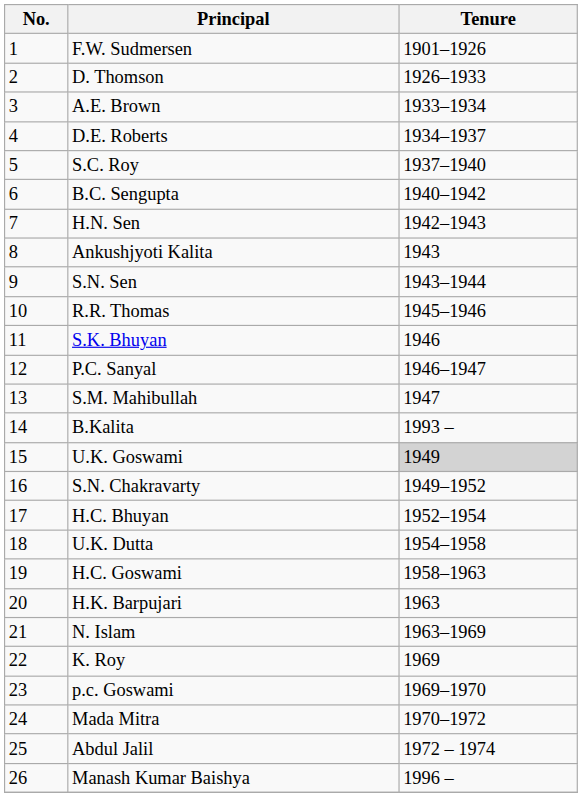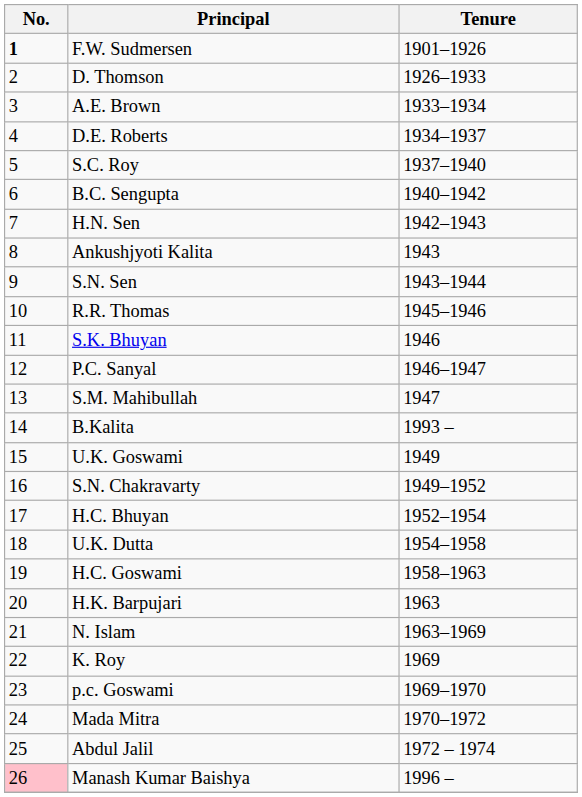 <table class="wikitable" width=80%>
 <tr>
 <th>No.</th>
 <th>Principal</th>
 <th>Tenure</th>
 </tr>
 <tr>
-<td>1</td>
+<td><strong>1</strong></td>
 <td>F.W. Sudmersen</td>
 <td>1901–1926</td>
 </tr>
 <tr>
 <td>2</td>
 <td>D. Thomson</td>
 <td>1926–1933</td>
 </tr>
 <tr>
 <td>3</td>
 <td>A.E. Brown</td>
 <td>1933–1934</td>
 </tr>
 <tr>
 <td>4</td>
 <td>D.E. Roberts</td>
 <td>1934–1937</td>
 </tr>
 <tr>
 <td>5</td>
 <td>S.C. Roy</td>
 <td>1937–1940</td>
 </tr>
 <tr>
 <td>6</td>
 <td>B.C. Sengupta</td>
 <td>1940–1942</td>
 </tr>
 <tr>
 <td>7</td>
 <td>H.N. Sen</td>
 <td>1942–1943</td>
 </tr>
 <tr>
 <td>8</td>
 <td>Ankushjyoti Kalita</td>
 <td>1943</td>
 </tr>
 <tr>
 <td>9</td>
 <td>S.N. Sen</td>
 <td>1943–1944</td>
 </tr>
 <tr>
 <td>10</td>
 <td>R.R. Thomas</td>
 <td>1945–1946</td>
 </tr>
 <tr>
 <td>11</td>
 <td><a href='#'>S.K. Bhuyan</a></td>
 <td>1946</td>
 </tr>
 <tr>
 <td>12</td>
 <td>P.C. Sanyal</td>
 <td>1946–1947</td>
 </tr>
 <tr>
 <td>13</td>
 <td>S.M. Mahibullah</td>
 <td>1947</td>
 </tr>
 <tr>
 <td>14</td>
 <td>B.Kalita</td>
 <td>1993 –</td>
 </tr>
 <tr>
 <td>15</td>
 <td>U.K. Goswami</td>
-<td style="background: lightgrey;">1949</td>
+<td>1949</td>
 </tr>
 <tr>
 <td>16</td>
 <td>S.N. Chakravarty</td>
 <td>1949–1952</td>
 </tr>
 <tr>
 <td>17</td>
 <td>H.C. Bhuyan</td>
 <td>1952–1954</td>
 </tr>
 <tr>
 <td>18</td>
 <td>U.K. Dutta</td>
 <td>1954–1958</td>
 </tr>
 <tr>
 <td>19</td>
 <td>H.C. Goswami</td>
 <td>1958–1963</td>
 </tr>
 <tr>
 <td>20</td>
 <td>H.K. Barpujari</td>
 <td>1963</td>
 </tr>
 <tr>
 <td>21</td>
 <td>N. Islam</td>
 <td>1963–1969</td>
 </tr>
 <tr>
 <td>22</td>
 <td>K. Roy</td>
 <td>1969</td>
 </tr>
 <tr>
 <td>23</td>
 <td>p.c. Goswami</td>
 <td>1969–1970</td>
 </tr>
 <tr>
 <td>24</td>
 <td>Mada Mitra</td>
 <td>1970–1972</td>
 </tr>
 <tr>
 <td>25</td>
 <td>Abdul Jalil</td>
 <td>1972 – 1974</td>
 </tr>
 <tr>
-<td>26</td>
+<td style="background: pink;">26</td>
 <td>Manash Kumar Baishya</td>
 <td>1996 –</td>
 </tr>
 <tr>
 </tr>
 </table>
